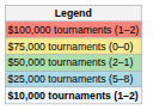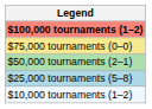 <table class="wikitable" style=font-size:85%>
 <tr>
 <th>Legend</th>
 </tr>
 <tr style="background:#f88379;">
-<td>$100,000 tournaments (1–2)</td>
+<td><strong>$100,000 tournaments (1–2)</strong></td>
 </tr>
 <tr style="background:#f7e98e;">
 <td>$75,000 tournaments (0–0)</td>
 </tr>
 <tr style="background:#addfad;">
 <td>$50,000 tournaments (2–1)</td>
 </tr>
 <tr style="background:lightblue;">
 <td>$25,000 tournaments (5–8)</td>
 </tr>
 <tr style="background:#f0f8ff;">
-<td><strong>$10,000 tournaments (1–2)</strong></td>
+<td>$10,000 tournaments (1–2)</td>
 </tr>
 </table>
